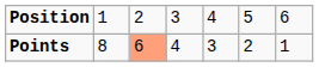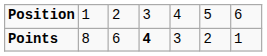 <table class="wikitable" style="font-size: 90%;">
 <tr>
 <td><strong>Position</strong></td>
 <td width=20>1</td>
 <td width=20>2</td>
 <td width=20>3</td>
 <td width=20>4</td>
 <td width=20>5</td>
 <td width=20>6</td>
 </tr>
 <tr>
 <td><strong>Points</strong></td>
 <td>8</td>
-<td style="background: lightsalmon;">6</td>
-<td>4</td>
+<td>6</td>
+<td><strong>4</strong></td>
 <td>3</td>
 <td>2</td>
 <td>1</td>
 </tr>
 </table>
